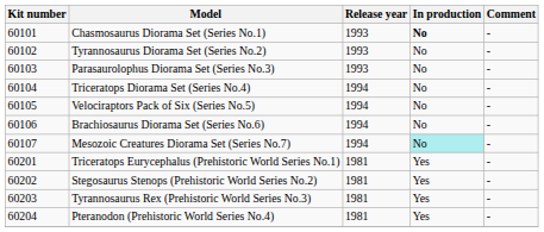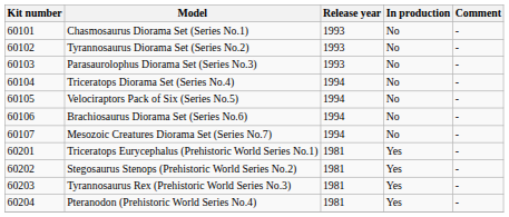 <table class="wikitable">
 <tr>
 <th>Kit number</th>
 <th>Model</th>
 <th>Release year</th>
 <th>In production</th>
 <th>Comment</th>
 </tr>
 <tr>
 <td>60101</td>
 <td>Chasmosaurus Diorama Set (Series No.1)</td>
 <td>1993</td>
-<td><strong>No</strong></td>
+<td>No</td>
 <td>-</td>
 </tr>
 <tr>
 <td>60102</td>
 <td>Tyrannosaurus Diorama Set (Series No.2)</td>
 <td>1993</td>
 <td>No</td>
 <td>-</td>
 </tr>
 <tr>
 <td>60103</td>
 <td>Parasaurolophus Diorama Set (Series No.3)</td>
 <td>1993</td>
 <td>No</td>
 <td>-</td>
 </tr>
 <tr>
 <td>60104</td>
 <td>Triceratops Diorama Set (Series No.4)</td>
 <td>1994</td>
 <td>No</td>
 <td>-</td>
 </tr>
 <tr>
 <td>60105</td>
 <td>Velociraptors Pack of Six (Series No.5)</td>
 <td>1994</td>
 <td>No</td>
 <td>-</td>
 </tr>
 <tr>
 <td>60106</td>
 <td>Brachiosaurus Diorama Set (Series No.6)</td>
 <td>1994</td>
 <td>No</td>
 <td>-</td>
 </tr>
 <tr>
 <td>60107</td>
 <td>Mesozoic Creatures Diorama Set (Series No.7)</td>
 <td>1994</td>
-<td style="background: paleturquoise;">No</td>
+<td>No</td>
 <td>-</td>
 </tr>
 <tr>
 <td>60201</td>
 <td>Triceratops Eurycephalus (Prehistoric World Series No.1)</td>
 <td>1981</td>
 <td>Yes</td>
 <td>-</td>
 </tr>
 <tr>
 <td>60202</td>
 <td>Stegosaurus Stenops (Prehistoric World Series No.2)</td>
 <td>1981</td>
 <td>Yes</td>
 <td>-</td>
 </tr>
 <tr>
 <td>60203</td>
 <td>Tyrannosaurus Rex (Prehistoric World Series No.3)</td>
 <td>1981</td>
 <td>Yes</td>
 <td>-</td>
 </tr>
 <tr>
 <td>60204</td>
 <td>Pteranodon (Prehistoric World Series No.4)</td>
 <td>1981</td>
 <td>Yes</td>
 <td>-</td>
 </tr>
 <tr>
 </tr>
 </table>
